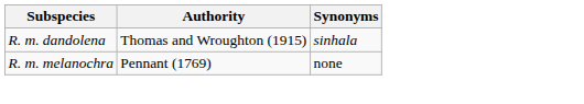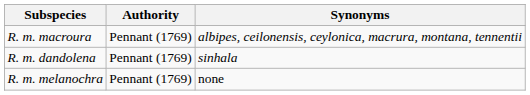 <table class="wikitable">
 <tr>
 <th>Subspecies</th>
 <th>Authority</th>
 <th>Synonyms</th>
 </tr>
 <tr>
+<td><em>R. m. macroura</em></td>
+<td>Pennant (1769)</td>
+<td><em>albipes, ceilonensis, ceylonica, macrura, montana, tennentii</em></td>
+</tr>
+<tr>
 <td><em>R. m. dandolena</em></td>
-<td>Thomas and Wroughton (1915)</td>
+<td>Pennant (1769)</td>
 <td><em>sinhala</em></td>
 </tr>
 <tr>
 <td><em>R. m. melanochra</em></td>
 <td>Pennant (1769)</td>
 <td>none</td>
 </tr>
 </table>
